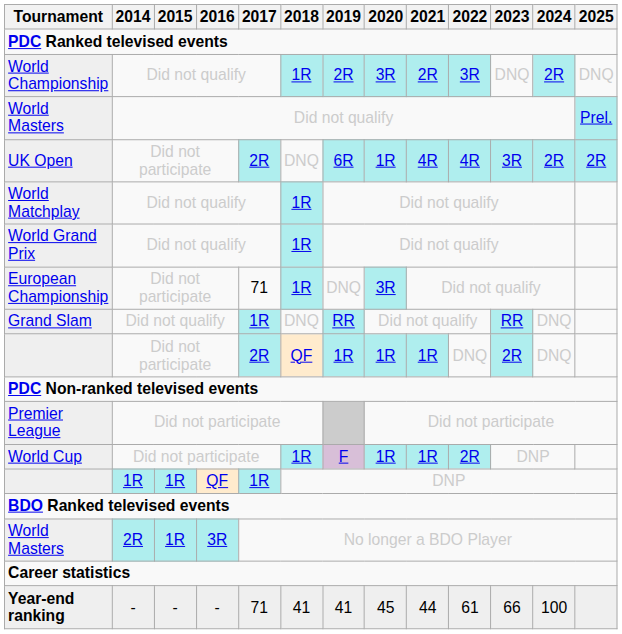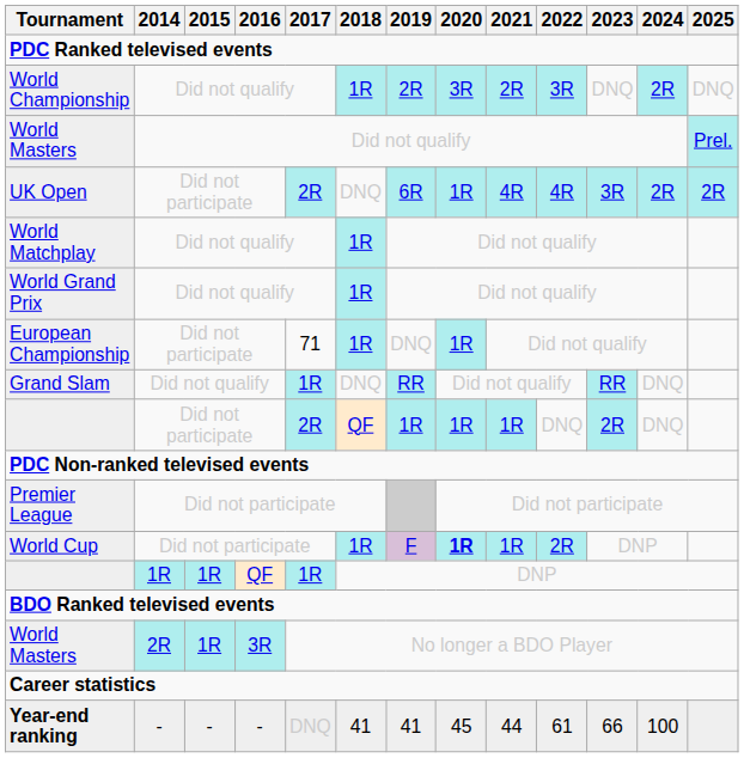 <table class="wikitable" style="width:20%; margin:0">
 <tr>
 <th>Tournament</th>
 <th>2014</th>
 <th>2015</th>
 <th>2016</th>
 <th>2017</th>
 <th>2018</th>
 <th>2019</th>
 <th>2020</th>
 <th>2021</th>
 <th>2022</th>
 <th>2023</th>
 <th>2024</th>
 <th>2025</th>
 </tr>
 <tr>
 <td colspan="15" style="text-align:left"><strong><a href='#'>PDC</a> Ranked televised events</strong></td>
 </tr>
 <tr>
 <td style="background:#efefef;"><a href='#'>World Championship</a></td>
 <td colspan="4" style="text-align:center; color:#ccc;">Did not qualify</td>
 <td style="text-align:center; background:#afeeee;"><a href='#'>1R</a></td>
 <td style="text-align:center; background:#afeeee;"><a href='#'>2R</a></td>
 <td style="text-align:center; background:#afeeee;"><a href='#'>3R</a></td>
 <td style="text-align:center; background:#afeeee;"><a href='#'>2R</a></td>
 <td style="text-align:center; background:#afeeee;"><a href='#'>3R</a></td>
 <td style="text-align:center; color:#ccc;">DNQ</td>
 <td style="text-align:center; background:#afeeee;"><a href='#'>2R</a></td>
 <td style="text-align:center; color:#ccc;">DNQ</td>
 </tr>
 <tr>
 <td style="background:#efefef;"><a href='#'>World Masters</a></td>
 <td colspan="11" style="text-align:center; color:#ccc;">Did not qualify</td>
 <td style="text-align:center; background:#afeeee;"><a href='#'>Prel.</a></td>
 </tr>
 <tr>
 <td style="background:#efefef;"><a href='#'>UK Open</a></td>
 <td colspan="3" style="text-align:center; color:#ccc;">Did not participate</td>
 <td style="text-align:center; background:#afeeee;"><a href='#'>2R</a></td>
 <td style="text-align:center; color:#ccc;">DNQ</td>
 <td style="text-align:center; background:#afeeee;"><a href='#'>6R</a></td>
 <td style="text-align:center; background:#afeeee;"><a href='#'>1R</a></td>
 <td style="text-align:center; background:#afeeee;"><a href='#'>4R</a></td>
 <td style="text-align:center; background:#afeeee;"><a href='#'>4R</a></td>
 <td style="text-align:center; background:#afeeee;"><a href='#'>3R</a></td>
 <td style="text-align:center; background:#afeeee;"><a href='#'>2R</a></td>
 <td style="text-align:center; background:#afeeee;"><a href='#'>2R</a></td>
 </tr>
 <tr>
 <td style="background:#efefef;"><a href='#'>World Matchplay</a></td>
 <td colspan="4" style="text-align:center; color:#ccc;">Did not qualify</td>
 <td style="text-align:center; background:#afeeee;"><a href='#'>1R</a></td>
 <td colspan="6" style="text-align:center; color:#ccc;">Did not qualify</td>
 <td></td>
 </tr>
 <tr>
 <td style="background:#efefef;"><a href='#'>World Grand Prix</a></td>
 <td colspan="4" style="text-align:center; color:#ccc;">Did not qualify</td>
 <td style="text-align:center; background:#afeeee;"><a href='#'>1R</a></td>
 <td colspan="6" style="text-align:center; color:#ccc;">Did not qualify</td>
 <td></td>
 </tr>
 <tr>
 <td style="background:#efefef;"><a href='#'>European Championship</a></td>
 <td colspan="3" style="text-align:center; color:#ccc;">Did not participate</td>
 <td style="text-align:center;">71</td>
 <td style="text-align:center; background:#afeeee;"><a href='#'>1R</a></td>
 <td style="text-align:center; color:#ccc;">DNQ</td>
-<td style="text-align:center; background:#afeeee;"><a href='#'>3R</a></td>
+<td style="text-align:center; background:#afeeee;"><a href='#'>1R</a></td>
 <td colspan="4" style="text-align:center; color:#ccc;">Did not qualify</td>
 <td></td>
 </tr>
 <tr>
 <td style="background:#efefef;"><a href='#'>Grand Slam</a></td>
 <td colspan="3" style="text-align:center; color:#ccc;">Did not qualify</td>
 <td style="text-align:center; background:#afeeee;"><a href='#'>1R</a></td>
 <td style="text-align:center; color:#ccc;">DNQ</td>
 <td style="text-align:center; background:#afeeee;"><a href='#'>RR</a></td>
 <td colspan="3" style="text-align:center; color:#ccc;">Did not qualify</td>
 <td style="text-align:center; background:#afeeee;"><a href='#'>RR</a></td>
 <td style="text-align:center; color:#ccc;">DNQ</td>
 <td></td>
 </tr>
 <tr>
 <td style="background:#efefef;"></td>
 <td colspan="3" style="text-align:center; color:#ccc;">Did not participate</td>
 <td style="text-align:center; background:#afeeee;"><a href='#'>2R</a></td>
 <td style="text-align:center; background:#ffebcd;"><a href='#'>QF</a></td>
 <td style="text-align:center; background:#afeeee;"><a href='#'>1R</a></td>
 <td style="text-align:center; background:#afeeee;"><a href='#'>1R</a></td>
 <td style="text-align:center; background:#afeeee;"><a href='#'>1R</a></td>
 <td style="text-align:center; color:#ccc;">DNQ</td>
 <td style="text-align:center; background:#afeeee;"><a href='#'>2R</a></td>
 <td style="text-align:center; color:#ccc;">DNQ</td>
 <td></td>
 </tr>
 <tr>
 <td colspan="13" align="left"><strong><a href='#'>PDC</a> Non-ranked televised events</strong></td>
 </tr>
 <tr>
 <td style="background:#efefef;"><a href='#'>Premier League</a></td>
 <td colspan="5" style="text-align:center; color:#ccc;">Did not participate</td>
 <td style="text-align:center; background:#ccc;"><a href='#'></a></td>
 <td colspan="6" style="text-align:center; color:#ccc;">Did not participate</td>
 </tr>
 <tr>
 <td style="background:#efefef;"><a href='#'>World Cup</a></td>
 <td colspan="4" style="text-align:center; color:#ccc;">Did not participate</td>
 <td style="text-align:center; background:#afeeee;"><a href='#'>1R</a></td>
 <td style="text-align:center; background:thistle;"><a href='#'>F</a></td>
-<td style="text-align:center; background:#afeeee;"><a href='#'>1R</a></td>
+<td style="text-align:center; background:#afeeee;"><strong><a href='#'>1R</a></strong></td>
 <td style="text-align:center; background:#afeeee;"><a href='#'>1R</a></td>
 <td style="text-align:center; background:#afeeee;"><a href='#'>2R</a></td>
 <td colspan="2" style="text-align:center; color:#ccc;">DNP</td>
 <td></td>
 </tr>
 <tr>
 <td style="background:#efefef;"></td>
 <td style="text-align:center; background:#afeeee;"><a href='#'>1R</a></td>
 <td style="text-align:center; background:#afeeee;"><a href='#'>1R</a></td>
 <td style="text-align:center; background:#ffebcd;"><a href='#'>QF</a></td>
 <td style="text-align:center; background:#afeeee;"><a href='#'>1R</a></td>
 <td colspan="8" style="text-align:center; color:#ccc;">DNP</td>
 </tr>
 <tr>
 <td colspan="15" style="text-align:left"><strong><a href='#'>BDO</a> Ranked televised events</strong></td>
 </tr>
 <tr>
 <td style="background:#efefef;"><a href='#'>World Masters</a></td>
 <td style="text-align:center; background:#afeeee;"><a href='#'>2R</a></td>
 <td style="text-align:center; background:#afeeee;"><a href='#'>1R</a></td>
 <td style="text-align:center; background:#afeeee;"><a href='#'>3R</a></td>
 <td colspan="9" style="text-align:center; color:#ccc;">No longer a BDO Player</td>
 </tr>
 <tr>
 <td colspan="15" align="left"><strong>Career statistics</strong></td>
 </tr>
 <tr bgcolor="efefef">
 <td align="left"><strong>Year-end ranking</strong></td>
 <td style="text-align:center;">-</td>
 <td style="text-align:center;">-</td>
 <td style="text-align:center;">-</td>
-<td style="text-align:center;">71</td>
+<td style="text-align:center; color:#ccc;">DNQ</td>
 <td style="text-align:center;">41</td>
 <td style="text-align:center;">41</td>
 <td style="text-align:center;">45</td>
 <td style="text-align:center;">44</td>
 <td style="text-align:center;">61</td>
 <td style="text-align:center;">66</td>
 <td style="text-align:center;">100</td>
 <td></td>
 </tr>
 </table>
